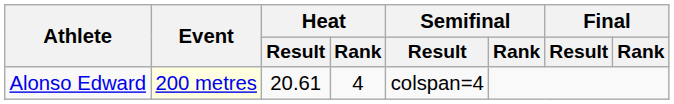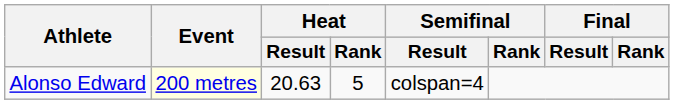 <table class="wikitable" style="font-size:90%">
 <tr>
 <th rowspan="2">Athlete</th>
 <th rowspan="2">Event</th>
 <th colspan="2">Heat</th>
 <th colspan="2">Semifinal</th>
 <th colspan="2">Final</th>
 </tr>
 <tr style="font-size:95%">
 <th>Result</th>
 <th>Rank</th>
 <th>Result</th>
 <th>Rank</th>
 <th>Result</th>
 <th>Rank</th>
 </tr>
 <tr align=center>
 <td align=left><a href='#'>Alonso Edward</a></td>
 <td align=left style="background: lightyellow;"><a href='#'>200 metres</a></td>
-<td>20.61</td>
-<td>4</td>
+<td>20.63</td>
+<td>5</td>
 <td>colspan=4 </td>
 </tr>
 </table>
